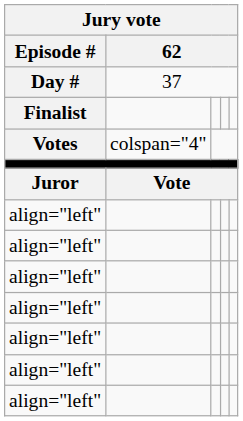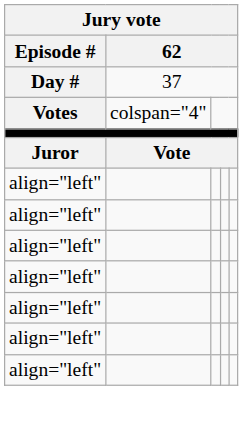 <table class="wikitable nowrap" style="text-align:center; font-size:100%">
 <tr>
 <th colspan="5">Jury vote</th>
 </tr>
 <tr>
 <th>Episode #</th>
 <th colspan="4">62</th>
 </tr>
 <tr>
 <th>Day #</th>
 <td colspan="4">37</td>
-</tr>
-<tr>
-<th>Finalist</th>
-<td></td>
-<td></td>
-<td></td>
-<td></td>
 </tr>
 <tr>
 <th>Votes</th>
 <td>colspan="4" </td>
 </tr>
 <tr>
 <th colspan="5" style="background:black;"></th>
 </tr>
 <tr>
 <th>Juror</th>
 <th colspan="4">Vote</th>
 </tr>
 <tr>
 <td>align="left" </td>
 <td></td>
 <td></td>
 <td></td>
 <td></td>
 </tr>
 <tr>
 <td>align="left" </td>
 <td></td>
 <td></td>
 <td></td>
 <td></td>
 </tr>
 <tr>
 <td>align="left" </td>
 <td></td>
 <td></td>
 <td></td>
 <td></td>
 </tr>
 <tr>
 <td>align="left" </td>
 <td></td>
 <td></td>
 <td></td>
 <td></td>
 </tr>
 <tr>
 <td>align="left" </td>
 <td></td>
 <td></td>
 <td></td>
 <td></td>
 </tr>
 <tr>
 <td>align="left" </td>
 <td></td>
 <td></td>
 <td></td>
 <td></td>
 </tr>
 <tr>
 <td>align="left" </td>
 <td></td>
 <td></td>
 <td></td>
 <td></td>
 </tr>
 </table>
